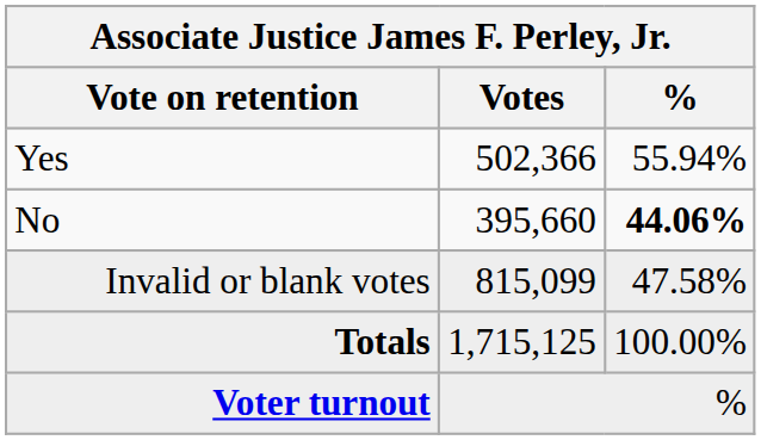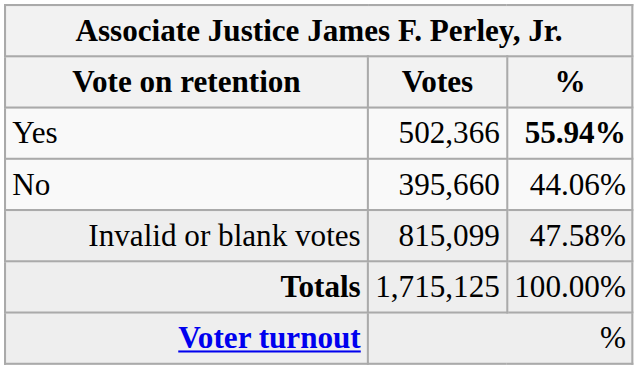 <table class="wikitable" style="font-size: 95%;">
 <tr style="background-color:#E9E9E9">
 <th colspan=7>Associate Justice James F. Perley, Jr.</th>
 </tr>
 <tr style="background-color:#E9E9E9">
 <th style="width: 170px">Vote on retention</th>
 <th style="width: 50px">Votes</th>
 <th style="width: 40px">%</th>
 </tr>
 <tr>
 <td>Yes</td>
 <td align="right">502,366</td>
-<td align="right">55.94%</td>
+<td align="right"><strong>55.94%</strong></td>
 </tr>
 <tr>
 <td>No</td>
 <td align="right">395,660</td>
-<td align="right"><strong>44.06%</strong></td>
+<td align="right">44.06%</td>
 </tr>
 <tr style="background-color:#EEEEEE">
 <td align="right">Invalid or blank votes</td>
 <td align="right">815,099</td>
 <td align="right">47.58%</td>
 </tr>
 <tr style="background-color:#EEEEEE">
 <td colspan="1" align="right"><strong>Totals</strong></td>
 <td align="right">1,715,125</td>
 <td align="right">100.00%</td>
 </tr>
 <tr style="background-color:#EEEEEE">
 <td align="right"><strong><a href='#'>Voter turnout</a></strong></td>
 <td colspan="2" align="right">%</td>
 </tr>
 </table>
